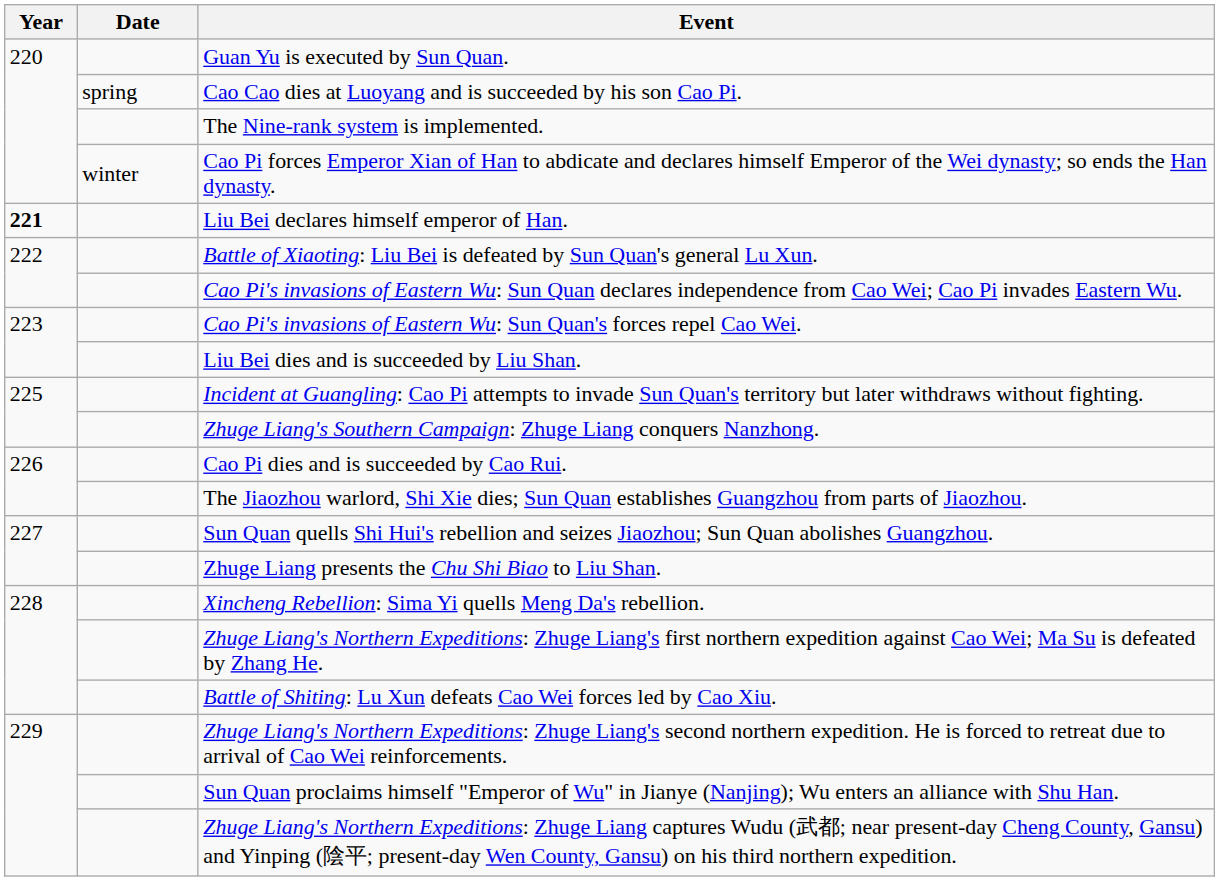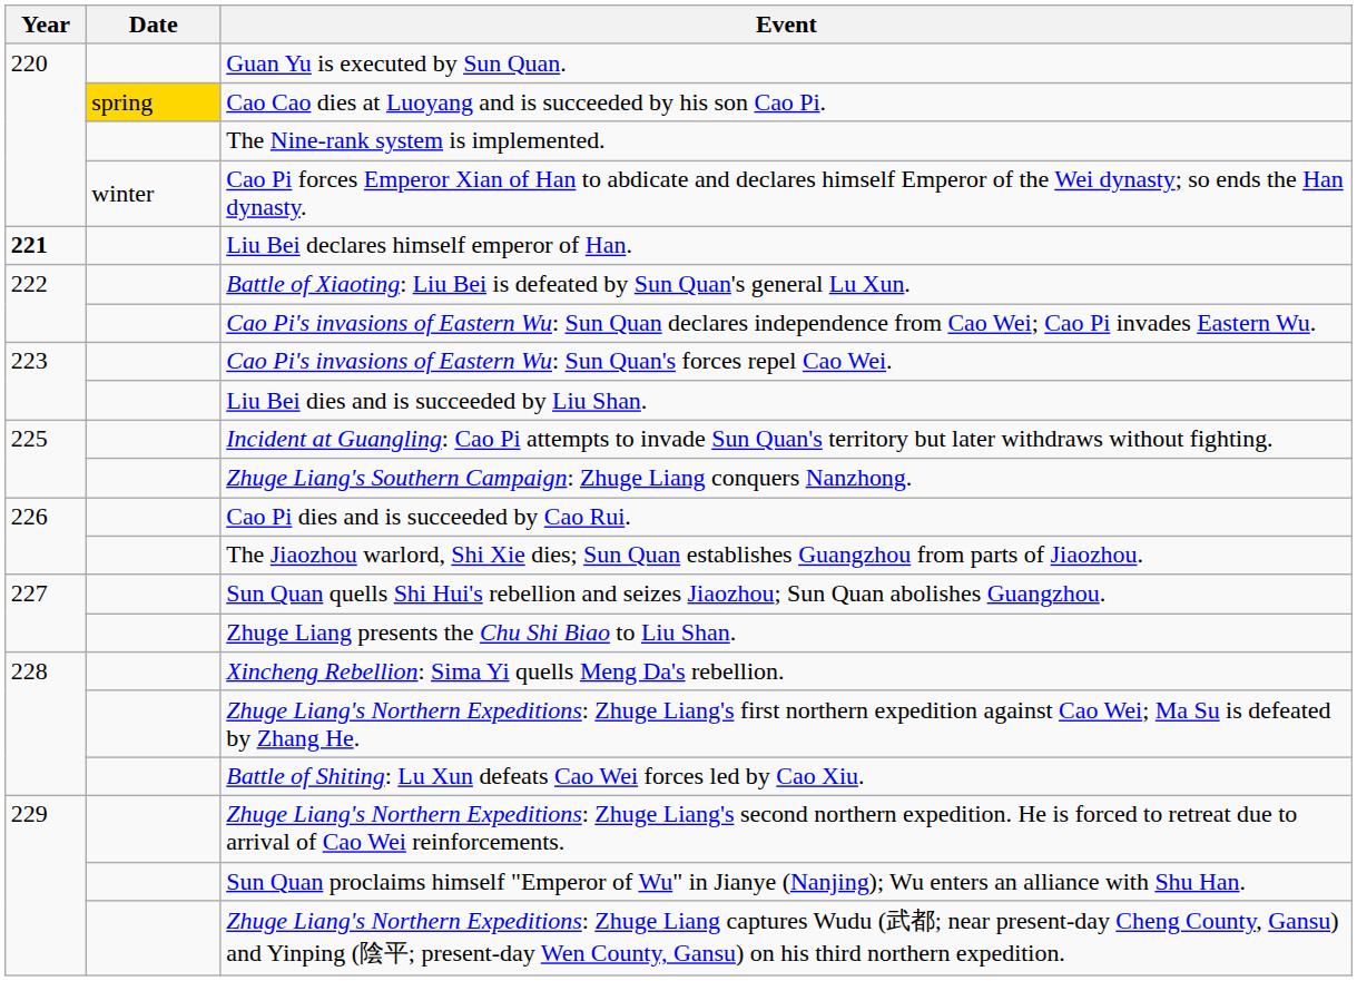 <table class="wikitable" style="width:100%;">
 <tr>
 <th style="width:6%">Year</th>
 <th style="width:10%">Date</th>
 <th>Event</th>
 </tr>
 <tr>
 <td rowspan="4" style="vertical-align:top;">220</td>
 <td></td>
 <td><a href='#'>Guan Yu</a> is executed by <a href='#'>Sun Quan</a>.</td>
 </tr>
 <tr>
-<td>spring</td>
+<td style="background: gold;">spring</td>
 <td><a href='#'>Cao Cao</a> dies at <a href='#'>Luoyang</a> and is succeeded by his son <a href='#'>Cao Pi</a>.</td>
 </tr>
 <tr>
 <td></td>
 <td>The <a href='#'>Nine-rank system</a> is implemented.</td>
 </tr>
 <tr>
 <td>winter</td>
 <td><a href='#'>Cao Pi</a> forces <a href='#'>Emperor Xian of Han</a> to abdicate and declares himself Emperor of the <a href='#'>Wei dynasty</a>; so ends the <a href='#'>Han dynasty</a>.</td>
 </tr>
 <tr>
 <td><strong>221</strong></td>
 <td></td>
 <td><a href='#'>Liu Bei</a> declares himself emperor of <a href='#'>Han</a>.</td>
 </tr>
 <tr>
 <td rowspan="2" style="vertical-align:top;">222</td>
 <td></td>
 <td><em><a href='#'>Battle of Xiaoting</a></em>: <a href='#'>Liu Bei</a> is defeated by <a href='#'>Sun Quan</a>'s general <a href='#'>Lu Xun</a>.</td>
 </tr>
 <tr>
 <td></td>
 <td><em><a href='#'>Cao Pi's invasions of Eastern Wu</a></em>: <a href='#'>Sun Quan</a> declares independence from <a href='#'>Cao Wei</a>; <a href='#'>Cao Pi</a> invades <a href='#'>Eastern Wu</a>.</td>
 </tr>
 <tr>
 <td rowspan="2" style="vertical-align:top;">223</td>
 <td></td>
 <td><em><a href='#'>Cao Pi's invasions of Eastern Wu</a></em>: <a href='#'>Sun Quan's</a> forces repel <a href='#'>Cao Wei</a>.</td>
 </tr>
 <tr>
 <td></td>
 <td><a href='#'>Liu Bei</a> dies and is succeeded by <a href='#'>Liu Shan</a>.</td>
 </tr>
 <tr>
 <td rowspan="2" style="vertical-align:top;">225</td>
 <td></td>
 <td><em><a href='#'>Incident at Guangling</a></em>: <a href='#'>Cao Pi</a> attempts to invade <a href='#'>Sun Quan's</a> territory but later withdraws without fighting.</td>
 </tr>
 <tr>
 <td></td>
 <td><em><a href='#'>Zhuge Liang's Southern Campaign</a></em>: <a href='#'>Zhuge Liang</a> conquers <a href='#'>Nanzhong</a>.</td>
 </tr>
 <tr>
 <td rowspan="2" style="vertical-align:top;">226</td>
 <td></td>
 <td><a href='#'>Cao Pi</a> dies and is succeeded by <a href='#'>Cao Rui</a>.</td>
 </tr>
 <tr>
 <td></td>
 <td>The <a href='#'>Jiaozhou</a> warlord, <a href='#'>Shi Xie</a> dies; <a href='#'>Sun Quan</a> establishes <a href='#'>Guangzhou</a> from parts of <a href='#'>Jiaozhou</a>.</td>
 </tr>
 <tr>
 <td rowspan="2" style="vertical-align:top;">227</td>
 <td></td>
 <td><a href='#'>Sun Quan</a> quells <a href='#'>Shi Hui's</a> rebellion and seizes <a href='#'>Jiaozhou</a>; Sun Quan abolishes <a href='#'>Guangzhou</a>.</td>
 </tr>
 <tr>
 <td></td>
 <td><a href='#'>Zhuge Liang</a> presents the <em><a href='#'>Chu Shi Biao</a></em> to <a href='#'>Liu Shan</a>.</td>
 </tr>
 <tr>
 <td rowspan="3" style="vertical-align:top;">228</td>
 <td></td>
 <td><em><a href='#'>Xincheng Rebellion</a></em>: <a href='#'>Sima Yi</a> quells <a href='#'>Meng Da's</a> rebellion.</td>
 </tr>
 <tr>
 <td></td>
 <td><em><a href='#'>Zhuge Liang's Northern Expeditions</a></em>: <a href='#'>Zhuge Liang's</a> first northern expedition against <a href='#'>Cao Wei</a>; <a href='#'>Ma Su</a> is defeated by <a href='#'>Zhang He</a>.</td>
 </tr>
 <tr>
 <td></td>
 <td><em><a href='#'>Battle of Shiting</a></em>: <a href='#'>Lu Xun</a> defeats <a href='#'>Cao Wei</a> forces led by <a href='#'>Cao Xiu</a>.</td>
 </tr>
 <tr>
 <td rowspan="3" style="vertical-align:top;">229</td>
 <td></td>
 <td><em><a href='#'>Zhuge Liang's Northern Expeditions</a></em>: <a href='#'>Zhuge Liang's</a> second northern expedition. He is forced to retreat due to arrival of <a href='#'>Cao Wei</a> reinforcements.</td>
 </tr>
 <tr>
 <td></td>
 <td><a href='#'>Sun Quan</a> proclaims himself "Emperor of <a href='#'>Wu</a>" in Jianye (<a href='#'>Nanjing</a>); Wu enters an alliance with <a href='#'>Shu Han</a>.</td>
 </tr>
 <tr>
 <td></td>
 <td><em><a href='#'>Zhuge Liang's Northern Expeditions</a></em>: <a href='#'>Zhuge Liang</a> captures Wudu (武都; near present-day <a href='#'>Cheng County</a>, <a href='#'>Gansu</a>) and Yinping (陰平; present-day <a href='#'>Wen County, Gansu</a>) on his third northern expedition.</td>
 </tr>
 </table>
